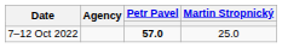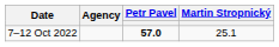 <table class="wikitable" style=text-align:center;font-size:85%;line-height:14px;">
 <tr>
 <th rowspan="2">Date</th>
 <th rowspan="2">Agency</th>
 <th><a href='#'>Petr Pavel</a></th>
 <th><a href='#'>Martin Stropnický</a></th>
 </tr>
 <tr>
 <th style="background:"></th>
 <th style="background:"></th>
 </tr>
 <tr>
 <td>7–12 Oct 2022</td>
 <td></td>
 <td><strong>57.0</strong></td>
-<td>25.0</td>
+<td>25.1</td>
 </tr>
 </table>
